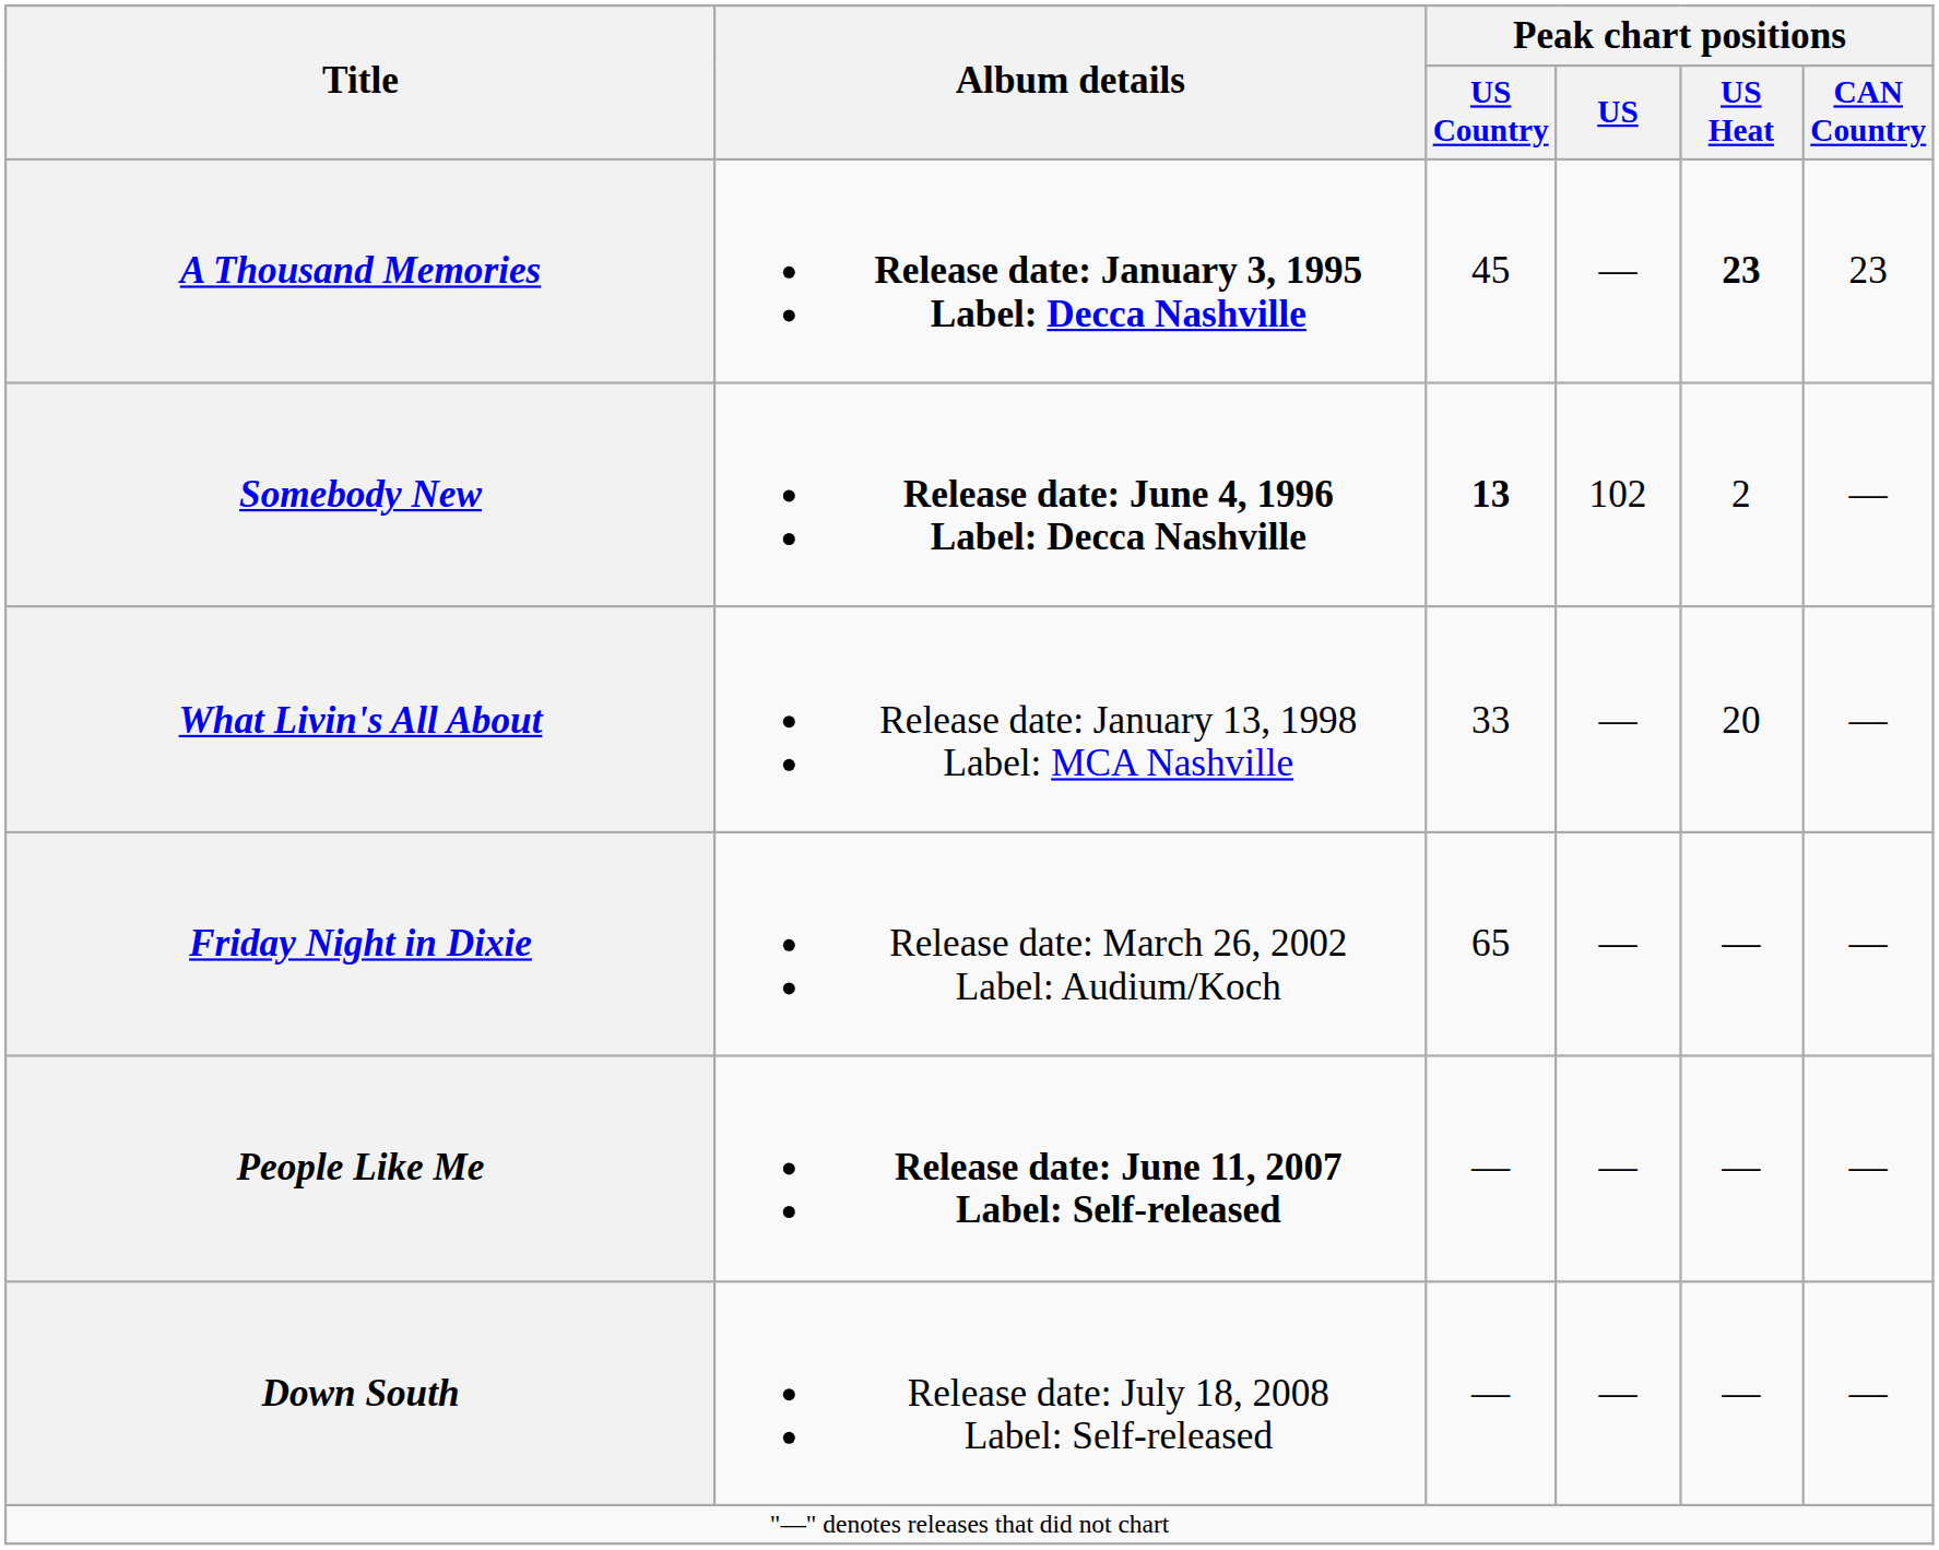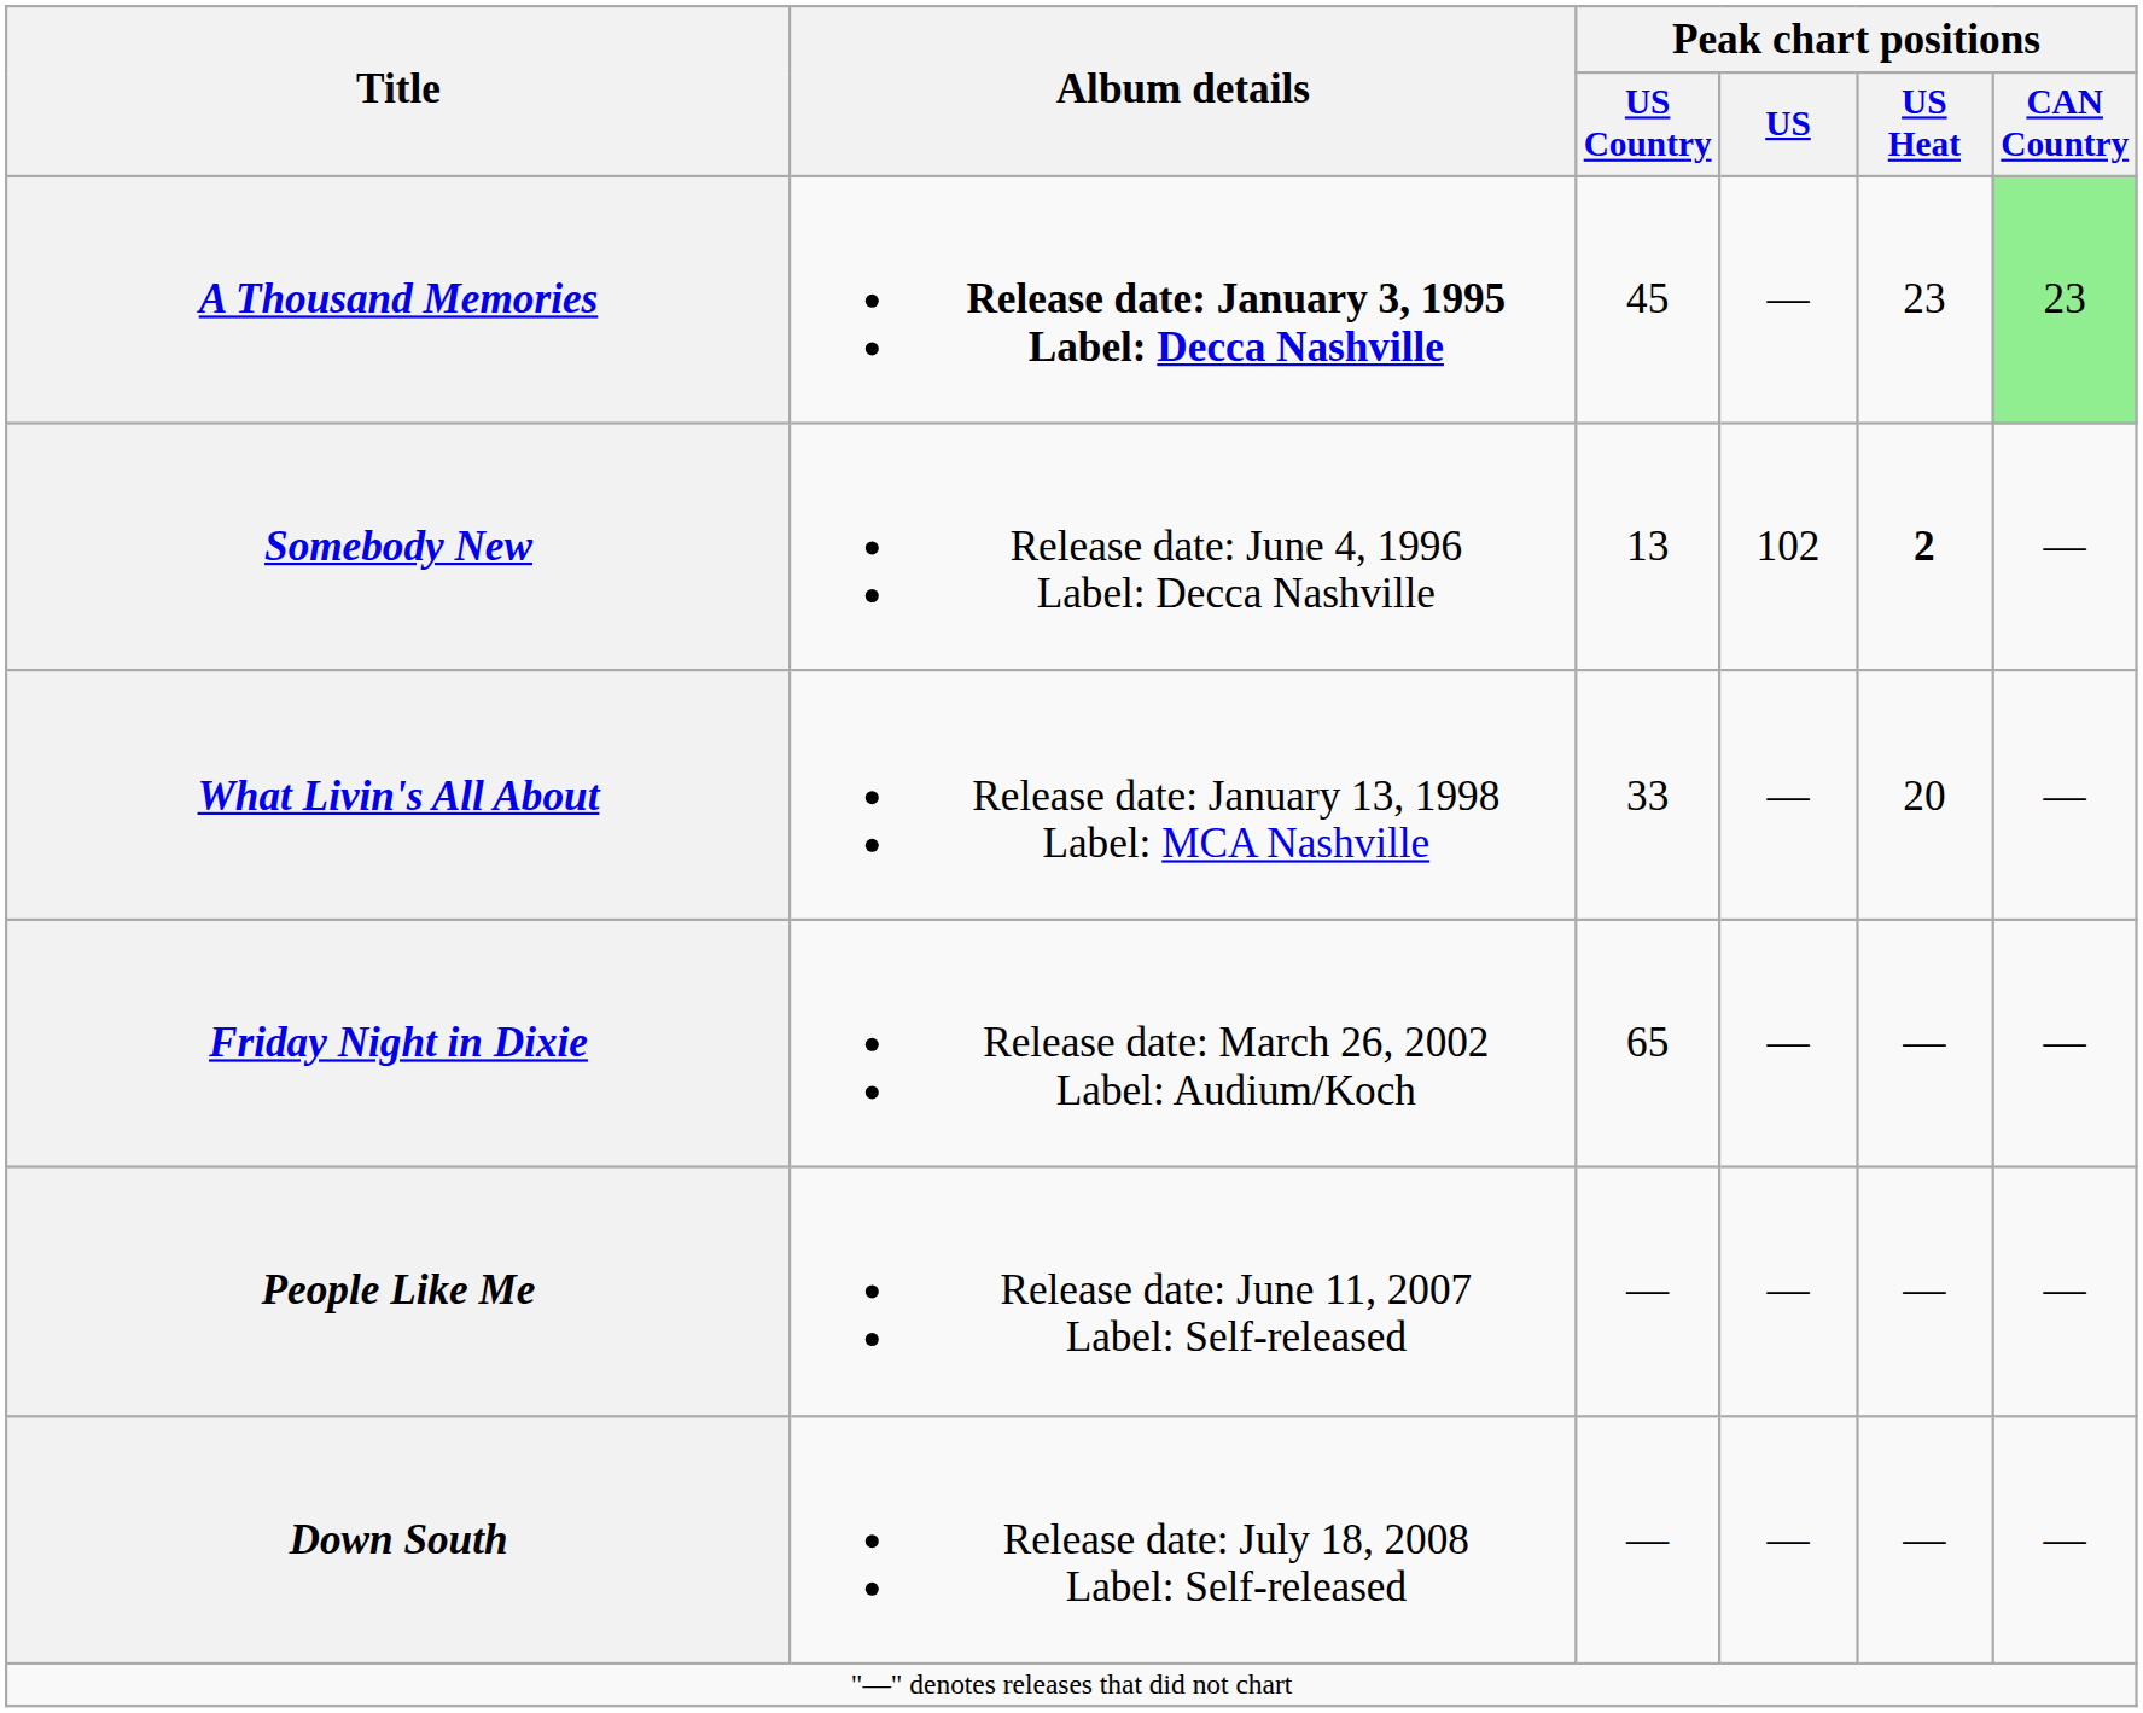 <table class="wikitable plainrowheaders" style="text-align:center;">
 <tr>
 <th rowspan="2" style="width:18em;">Title</th>
 <th rowspan="2" style="width:18em;">Album details</th>
 <th colspan="4">Peak chart positions</th>
 </tr>
 <tr style="font-size:smaller;">
 <th width="45"><a href='#'>US Country</a><br></th>
 <th width="45"><a href='#'>US</a><br></th>
 <th width="45"><a href='#'>US<br>Heat</a><br></th>
 <th width="45"><a href='#'>CAN Country</a><br></th>
 </tr>
 <tr>
 <th scope="row"><em><a href='#'>A Thousand Memories</a></em></th>
 <td><strong><br><ul><li>Release date: January 3, 1995</li><li>Label: <a href='#'>Decca Nashville</a></li></ul></strong></td>
 <td>45</td>
 <td>—</td>
-<td><strong>23</strong></td>
 <td>23</td>
+<td style="background: lightgreen;">23</td>
 </tr>
 <tr>
 <th scope="row"><em><a href='#'>Somebody New</a></em></th>
-<td><strong><br><ul><li>Release date: June 4, 1996</li><li>Label: Decca Nashville</li></ul></strong></td>
-<td><strong>13</strong></td>
+<td><br><ul><li>Release date: June 4, 1996</li><li>Label: Decca Nashville</li></ul></td>
+<td>13</td>
 <td>102</td>
-<td>2</td>
+<td><strong>2</strong></td>
 <td>—</td>
 </tr>
 <tr>
 <th scope="row"><em><a href='#'>What Livin's All About</a></em></th>
 <td><br><ul><li>Release date: January 13, 1998</li><li>Label: <a href='#'>MCA Nashville</a></li></ul></td>
 <td>33</td>
 <td>—</td>
 <td>20</td>
 <td>—</td>
 </tr>
 <tr>
 <th scope="row"><em><a href='#'>Friday Night in Dixie</a></em></th>
 <td><br><ul><li>Release date: March 26, 2002</li><li>Label: Audium/Koch</li></ul></td>
 <td>65</td>
 <td>—</td>
 <td>—</td>
 <td>—</td>
 </tr>
 <tr>
 <th scope="row"><em>People Like Me</em></th>
-<td><strong><br><ul><li>Release date: June 11, 2007</li><li>Label: Self-released</li></ul></strong></td>
+<td><br><ul><li>Release date: June 11, 2007</li><li>Label: Self-released</li></ul></td>
 <td>—</td>
 <td>—</td>
 <td>—</td>
 <td>—</td>
 </tr>
 <tr>
 <th scope="row"><em>Down South</em></th>
 <td><br><ul><li>Release date: July 18, 2008</li><li>Label: Self-released</li></ul></td>
 <td>—</td>
 <td>—</td>
 <td>—</td>
 <td>—</td>
 </tr>
 <tr>
 <td colspan="6" style="font-size:8pt">"—" denotes releases that did not chart</td>
 </tr>
 <tr>
 </tr>
 </table>
